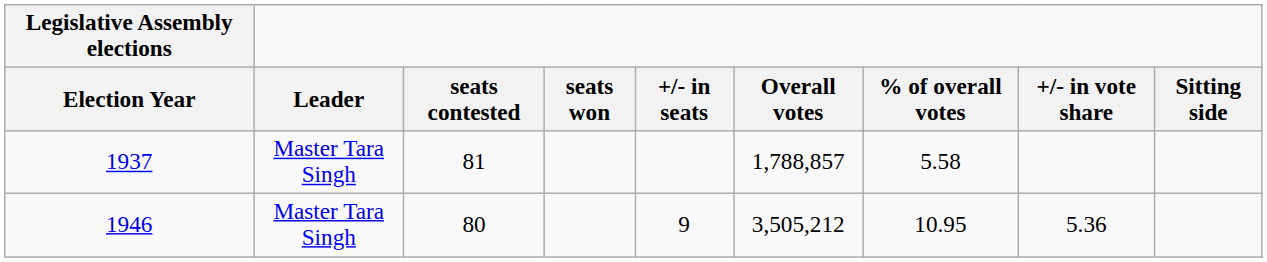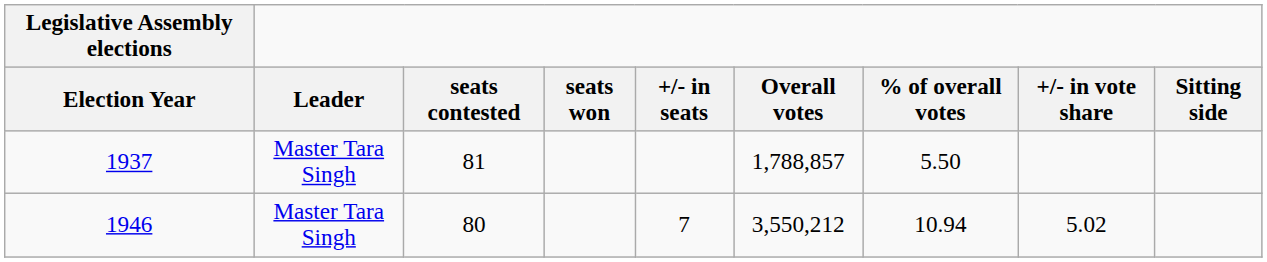 <table class="wikitable sortable " style="text-align:center;">
 <tr>
 <th style="background-color:">Legislative Assembly elections</th>
 </tr>
 <tr>
 <th style="background-color:">Election Year</th>
 <th style="background-color:">Leader</th>
 <th style="background-color:">seats contested</th>
 <th style="background-color:">seats won</th>
 <th style="background-color:">+/- in seats</th>
 <th style="background-color:">Overall votes</th>
 <th style="background-color:">% of overall votes</th>
 <th style="background-color:">+/- in vote share</th>
 <th style="background-color:">Sitting side</th>
 </tr>
 <tr>
 <td><a href='#'>1937</a></td>
 <td><a href='#'>Master Tara Singh</a></td>
 <td>81</td>
 <td></td>
 <td></td>
 <td>1,788,857</td>
-<td>5.58</td>
+<td>5.50</td>
 <td></td>
 <td></td>
 </tr>
 <tr>
 <td><a href='#'>1946</a></td>
 <td><a href='#'>Master Tara Singh</a></td>
 <td>80</td>
 <td></td>
-<td> 9</td>
-<td>3,505,212</td>
-<td>10.95</td>
-<td> 5.36</td>
+<td> 7</td>
+<td>3,550,212</td>
+<td>10.94</td>
+<td> 5.02</td>
 <td></td>
 </tr>
 </table>
